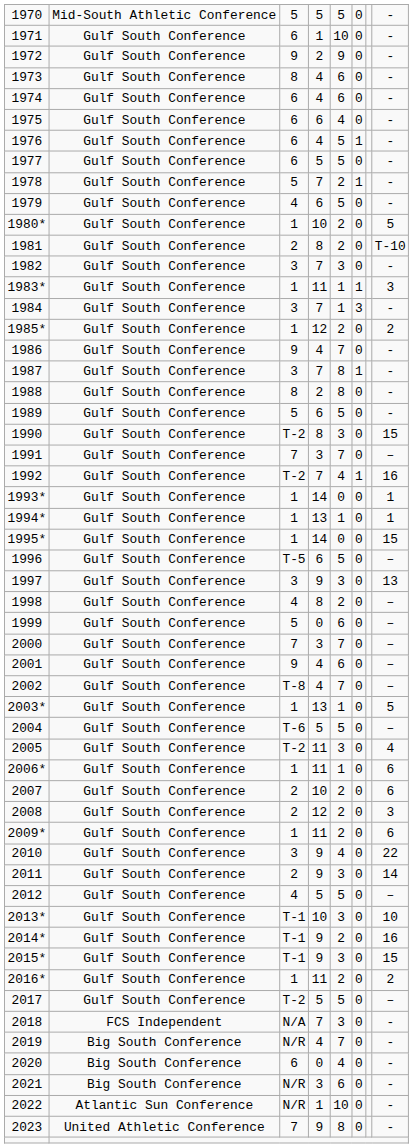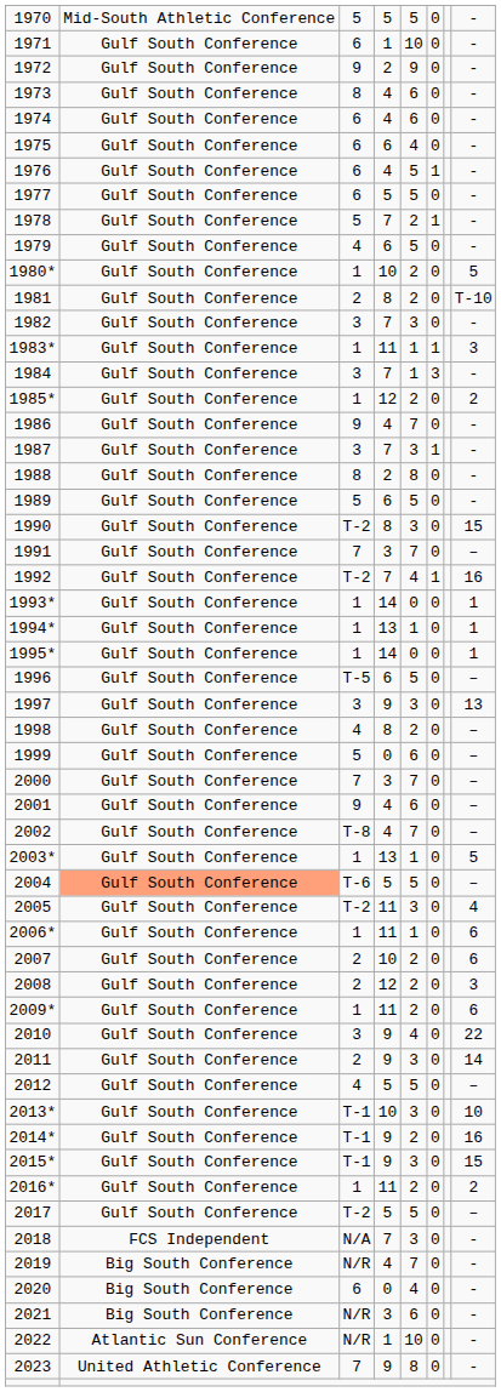 <table class="wikitable" style="text-align:center;">
 <tr>
 </tr>
 <tr style="text-align:center;">
 <td>1970</td>
 <td>Mid-South Athletic Conference</td>
 <td>5</td>
 <td>5</td>
 <td>5</td>
 <td>0</td>
 <td></td>
 <td>-</td>
 </tr>
 <tr style="text-align:center;">
 <td>1971</td>
 <td>Gulf South Conference</td>
 <td>6</td>
 <td>1</td>
 <td>10</td>
 <td>0</td>
 <td></td>
 <td>-</td>
 </tr>
 <tr style="text-align:center;">
 <td>1972</td>
 <td>Gulf South Conference</td>
 <td>9</td>
 <td>2</td>
 <td>9</td>
 <td>0</td>
 <td></td>
 <td>-</td>
 </tr>
 <tr style="text-align:center;">
 <td>1973</td>
 <td>Gulf South Conference</td>
 <td>8</td>
 <td>4</td>
 <td>6</td>
 <td>0</td>
 <td></td>
 <td>-</td>
 </tr>
 <tr style="text-align:center;">
 <td>1974</td>
 <td>Gulf South Conference</td>
 <td>6</td>
 <td>4</td>
 <td>6</td>
 <td>0</td>
 <td></td>
 <td>-</td>
 </tr>
 <tr style="text-align:center;">
 <td>1975</td>
 <td>Gulf South Conference</td>
 <td>6</td>
 <td>6</td>
 <td>4</td>
 <td>0</td>
 <td></td>
 <td>-</td>
 </tr>
 <tr style="text-align:center;">
 <td>1976</td>
 <td>Gulf South Conference</td>
 <td>6</td>
 <td>4</td>
 <td>5</td>
 <td>1</td>
 <td></td>
 <td>-</td>
 </tr>
 <tr style="text-align:center;">
 <td>1977</td>
 <td>Gulf South Conference</td>
 <td>6</td>
 <td>5</td>
 <td>5</td>
 <td>0</td>
 <td></td>
 <td>-</td>
 </tr>
 <tr style="text-align:center;">
 <td>1978</td>
 <td>Gulf South Conference</td>
 <td>5</td>
 <td>7</td>
 <td>2</td>
 <td>1</td>
 <td></td>
 <td>-</td>
 </tr>
 <tr style="text-align:center;">
 <td>1979</td>
 <td>Gulf South Conference</td>
 <td>4</td>
 <td>6</td>
 <td>5</td>
 <td>0</td>
 <td></td>
 <td>-</td>
 </tr>
 <tr style="text-align:center;"style="background: #ddffdd;">
 <td>1980*</td>
 <td>Gulf South Conference</td>
 <td>1</td>
 <td>10</td>
 <td>2</td>
 <td>0</td>
 <td></td>
 <td>5</td>
 </tr>
 <tr style="text-align:center;">
 <td>1981</td>
 <td>Gulf South Conference</td>
 <td>2</td>
 <td>8</td>
 <td>2</td>
 <td>0</td>
 <td></td>
 <td>T-10</td>
 </tr>
 <tr style="text-align:center;">
 <td>1982</td>
 <td>Gulf South Conference</td>
 <td>3</td>
 <td>7</td>
 <td>3</td>
 <td>0</td>
 <td></td>
 <td>-</td>
 </tr>
 <tr style="text-align:center;" style="background: #ddffdd;">
 <td>1983*</td>
 <td>Gulf South Conference</td>
 <td>1</td>
 <td>11</td>
 <td>1</td>
 <td>1</td>
 <td></td>
 <td>3</td>
 </tr>
 <tr style="text-align:center;">
 <td>1984</td>
 <td>Gulf South Conference</td>
 <td>3</td>
 <td>7</td>
 <td>1</td>
 <td>3</td>
 <td></td>
 <td>-</td>
 </tr>
 <tr style="text-align:center;" style="background: #ddffdd;">
 <td>1985*</td>
 <td>Gulf South Conference</td>
 <td>1</td>
 <td>12</td>
 <td>2</td>
 <td>0</td>
 <td></td>
 <td>2</td>
 </tr>
 <tr style="text-align:center;">
 <td>1986</td>
 <td>Gulf South Conference</td>
 <td>9</td>
 <td>4</td>
 <td>7</td>
 <td>0</td>
 <td></td>
 <td>-</td>
 </tr>
 <tr style="text-align:center;">
 <td>1987</td>
 <td>Gulf South Conference</td>
 <td>3</td>
 <td>7</td>
-<td>8</td>
+<td>3</td>
 <td>1</td>
 <td></td>
 <td>-</td>
 </tr>
 <tr style="text-align:center;">
 <td>1988</td>
 <td>Gulf South Conference</td>
 <td>8</td>
 <td>2</td>
 <td>8</td>
 <td>0</td>
 <td></td>
 <td>-</td>
 </tr>
 <tr style="text-align:center;">
 <td>1989</td>
 <td>Gulf South Conference</td>
 <td>5</td>
 <td>6</td>
 <td>5</td>
 <td>0</td>
 <td></td>
 <td>-</td>
 </tr>
 <tr style="text-align:center;">
 <td>1990</td>
 <td>Gulf South Conference</td>
 <td>T-2</td>
 <td>8</td>
 <td>3</td>
 <td>0</td>
 <td></td>
 <td>15</td>
 </tr>
 <tr style="text-align:center;">
 <td>1991</td>
 <td>Gulf South Conference</td>
 <td>7</td>
 <td>3</td>
 <td>7</td>
 <td>0</td>
 <td></td>
 <td>–</td>
 </tr>
 <tr style="text-align:center;">
 <td>1992</td>
 <td>Gulf South Conference</td>
 <td>T-2</td>
 <td>7</td>
 <td>4</td>
 <td>1</td>
 <td></td>
 <td>16</td>
 </tr>
 <tr style="text-align:center;" style="background: #FFCCCC;">
 <td>1993*</td>
 <td>Gulf South Conference</td>
 <td>1</td>
 <td>14</td>
 <td>0</td>
 <td>0</td>
 <td></td>
 <td>1</td>
 </tr>
 <tr style="text-align:center;" style="background: #FFCCCC;">
 <td>1994*</td>
 <td>Gulf South Conference</td>
 <td>1</td>
 <td>13</td>
 <td>1</td>
 <td>0</td>
 <td></td>
 <td>1</td>
 </tr>
 <tr style="text-align:center;" style="background: #FFCCCC;">
 <td>1995*</td>
 <td>Gulf South Conference</td>
 <td>1</td>
 <td>14</td>
 <td>0</td>
 <td>0</td>
 <td></td>
-<td>15</td>
+<td>1</td>
 </tr>
 <tr style="text-align:center;">
 <td>1996</td>
 <td>Gulf South Conference</td>
 <td>T-5</td>
 <td>6</td>
 <td>5</td>
 <td>0</td>
 <td></td>
 <td>–</td>
 </tr>
 <tr style="text-align:center;">
 <td>1997</td>
 <td>Gulf South Conference</td>
 <td>3</td>
 <td>9</td>
 <td>3</td>
 <td>0</td>
 <td></td>
 <td>13</td>
 </tr>
 <tr style="text-align-:center;">
 <td>1998</td>
 <td>Gulf South Conference</td>
 <td>4</td>
 <td>8</td>
 <td>2</td>
 <td>0</td>
 <td></td>
 <td>–</td>
 </tr>
 <tr styl="text-align:center;">
 <td>1999</td>
 <td>Gulf South Conference</td>
 <td>5</td>
 <td>0</td>
 <td>6</td>
 <td>0</td>
 <td></td>
 <td>–</td>
 </tr>
 <tr style="text-align:center;">
 <td>2000</td>
 <td>Gulf South Conference</td>
 <td>7</td>
 <td>3</td>
 <td>7</td>
 <td>0</td>
 <td></td>
 <td>–</td>
 </tr>
 <tr style="text-align:center;">
 <td>2001</td>
 <td>Gulf South Conference</td>
 <td>9</td>
 <td>4</td>
 <td>6</td>
 <td>0</td>
 <td></td>
 <td>–</td>
 </tr>
 <tr style="text-align:center;">
 <td>2002</td>
 <td>Gulf South Conference</td>
 <td>T-8</td>
 <td>4</td>
 <td>7</td>
 <td>0</td>
 <td></td>
 <td>–</td>
 </tr>
 <tr style="text-align:center;" style="background: #ddffdd;">
 <td>2003*</td>
 <td>Gulf South Conference</td>
 <td>1</td>
 <td>13</td>
 <td>1</td>
 <td>0</td>
 <td></td>
 <td>5</td>
 </tr>
 <tr style="text-align:center;">
 <td>2004</td>
-<td>Gulf South Conference</td>
+<td style="background: lightsalmon;">Gulf South Conference</td>
 <td>T-6</td>
 <td>5</td>
 <td>5</td>
 <td>0</td>
 <td></td>
 <td>–</td>
 </tr>
 <tr style="text-align:center;">
 <td>2005</td>
 <td>Gulf South Conference</td>
 <td>T-2</td>
 <td>11</td>
 <td>3</td>
 <td>0</td>
 <td></td>
 <td>4</td>
 </tr>
 <tr style="text-align:center;" style="background: #ddffdd;">
 <td>2006*</td>
 <td>Gulf South Conference</td>
 <td>1</td>
 <td>11</td>
 <td>1</td>
 <td>0</td>
 <td></td>
 <td>6</td>
 </tr>
 <tr style="text-align:center;">
 <td>2007</td>
 <td>Gulf South Conference</td>
 <td>2</td>
 <td>10</td>
 <td>2</td>
 <td>0</td>
 <td></td>
 <td>6</td>
 </tr>
 <tr style="text-align:center;">
 <td>2008</td>
 <td>Gulf South Conference</td>
 <td>2</td>
 <td>12</td>
 <td>2</td>
 <td>0</td>
 <td></td>
 <td>3</td>
 </tr>
 <tr style="text-align:center;" style="background: #ddffdd;">
 <td>2009*</td>
 <td>Gulf South Conference</td>
 <td>1</td>
 <td>11</td>
 <td>2</td>
 <td>0</td>
 <td></td>
 <td>6</td>
 </tr>
 <tr style="text-align:center;">
 <td>2010</td>
 <td>Gulf South Conference</td>
 <td>3</td>
 <td>9</td>
 <td>4</td>
 <td>0</td>
 <td></td>
 <td>22</td>
 </tr>
 <tr style="text-align:center;">
 <td>2011</td>
 <td>Gulf South Conference</td>
 <td>2</td>
 <td>9</td>
 <td>3</td>
 <td>0</td>
 <td></td>
 <td>14</td>
 </tr>
 <tr style="text-align:center;">
 <td>2012</td>
 <td>Gulf South Conference</td>
 <td>4</td>
 <td>5</td>
 <td>5</td>
 <td>0</td>
 <td></td>
 <td>–</td>
 </tr>
 <tr style="text-align:center;" style="background: #ddffdd;">
 <td>2013*</td>
 <td>Gulf South Conference</td>
 <td>T-1</td>
 <td>10</td>
 <td>3</td>
 <td>0</td>
 <td></td>
 <td>10</td>
 </tr>
 <tr style="text-align:center;" style="background: #ddffdd;">
 <td>2014*</td>
 <td>Gulf South Conference</td>
 <td>T-1</td>
 <td>9</td>
 <td>2</td>
 <td>0</td>
 <td></td>
 <td>16</td>
 </tr>
 <tr style="text-align:center;" style="background: #ddffdd;">
 <td>2015*</td>
 <td>Gulf South Conference</td>
 <td>T-1</td>
 <td>9</td>
 <td>3</td>
 <td>0</td>
 <td></td>
 <td>15</td>
 </tr>
 <tr style="text-align:center;" style="background: #ddffdd;">
 <td>2016*</td>
 <td>Gulf South Conference</td>
 <td>1</td>
 <td>11</td>
 <td>2</td>
 <td>0</td>
 <td></td>
 <td>2</td>
 </tr>
 <tr style="text-align:center;">
 <td>2017</td>
 <td>Gulf South Conference</td>
 <td>T-2</td>
 <td>5</td>
 <td>5</td>
 <td>0</td>
 <td></td>
 <td>–</td>
 </tr>
 <tr style="text-align:center;">
 <td>2018</td>
 <td>FCS Independent</td>
 <td>N/A</td>
 <td>7</td>
 <td>3</td>
 <td>0</td>
 <td></td>
 <td>-</td>
 </tr>
 <tr style="text-align:center;">
 <td>2019</td>
 <td>Big South Conference</td>
 <td>N/R</td>
 <td>4</td>
 <td>7</td>
 <td>0</td>
 <td></td>
 <td>-</td>
 </tr>
 <tr style="text-align:center;">
 <td>2020</td>
 <td>Big South Conference</td>
 <td>6</td>
 <td>0</td>
 <td>4</td>
 <td>0</td>
 <td></td>
 <td>-</td>
 </tr>
 <tr style="text-align:center;">
 <td>2021</td>
 <td>Big South Conference</td>
 <td>N/R</td>
 <td>3</td>
 <td>6</td>
 <td>0</td>
 <td></td>
 <td>-</td>
 </tr>
 <tr style="text-align:center;">
 <td>2022</td>
 <td>Atlantic Sun Conference</td>
 <td>N/R</td>
 <td>1</td>
 <td>10</td>
 <td>0</td>
 <td></td>
 <td>-</td>
 </tr>
 <tr style="text-align:center;">
 <td>2023</td>
 <td>United Athletic Conference</td>
 <td>7</td>
 <td>9</td>
 <td>8</td>
 <td>0</td>
 <td></td>
 <td>-</td>
 </tr>
 <tr style="text-align:center;">
 <td></td>
 </tr>
 </table>
